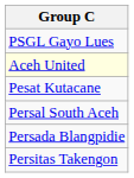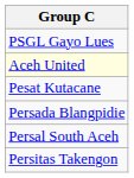 <table class="wikitable">
 <tr>
 <th><strong>Group C</strong></th>
 </tr>
 <tr>
 <td><a href='#'>PSGL Gayo Lues</a></td>
 </tr>
 <tr>
 <td style="background: lightyellow;"><a href='#'>Aceh United</a></td>
 </tr>
 <tr>
 <td><a href='#'>Pesat Kutacane</a></td>
 </tr>
 <tr>
-<td><a href='#'>Persal South Aceh</a></td>
+<td><a href='#'>Persada Blangpidie</a></td>
 </tr>
 <tr>
-<td><a href='#'>Persada Blangpidie</a></td>
+<td><a href='#'>Persal South Aceh</a></td>
 </tr>
 <tr>
 <td><a href='#'>Persitas Takengon</a></td>
 </tr>
 </table>
